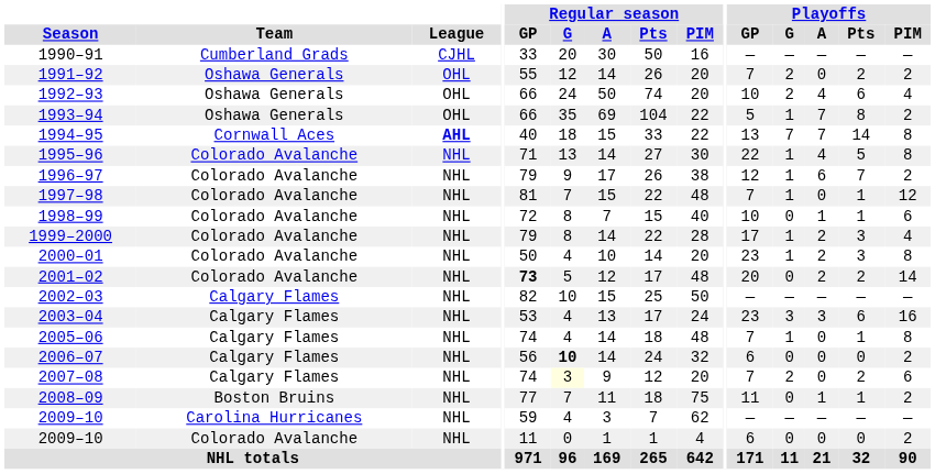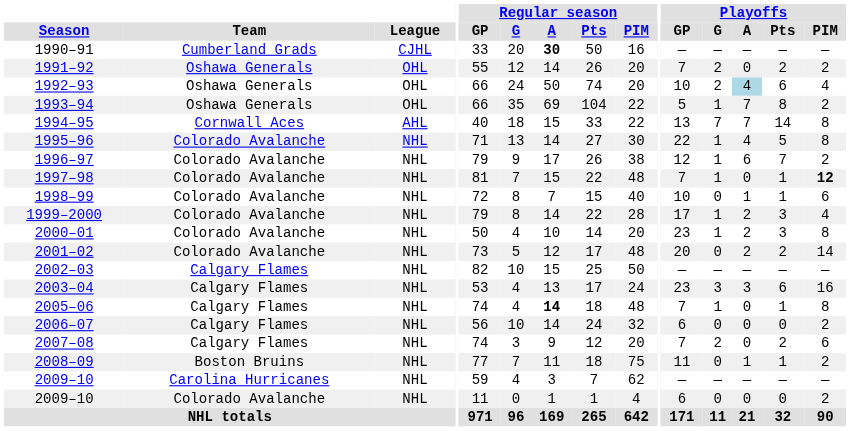 <table border="0" cellpadding="1" cellspacing="0" style="text-align:center; width:60em">
 <tr bgcolor="#e0e0e0">
 <th colspan="3" bgcolor="#ffffff"></th>
 <th rowspan="99" bgcolor="#ffffff"></th>
 <th colspan="5"><a href='#'>Regular season</a></th>
 <th rowspan="99" bgcolor="#ffffff"></th>
 <th colspan="5"><a href='#'>Playoffs</a></th>
 </tr>
 <tr bgcolor="#e0e0e0">
 <th><a href='#'>Season</a></th>
 <th>Team</th>
 <th>League</th>
 <th>GP</th>
 <th><a href='#'>G</a></th>
 <th><a href='#'>A</a></th>
 <th><a href='#'>Pts</a></th>
 <th><a href='#'>PIM</a></th>
 <th>GP</th>
 <th>G</th>
 <th>A</th>
 <th>Pts</th>
 <th>PIM</th>
 </tr>
 <tr>
 <td>1990–91</td>
 <td><a href='#'>Cumberland Grads</a></td>
 <td><a href='#'>CJHL</a></td>
 <td>33</td>
 <td>20</td>
-<td>30</td>
+<td><strong>30</strong></td>
 <td>50</td>
 <td>16</td>
 <td>—</td>
 <td>—</td>
 <td>—</td>
 <td>—</td>
 <td>—</td>
 </tr>
 <tr bgcolor="#f0f0f0">
 <td><a href='#'>1991–92</a></td>
 <td><a href='#'>Oshawa Generals</a></td>
 <td><a href='#'>OHL</a></td>
 <td>55</td>
 <td>12</td>
 <td>14</td>
 <td>26</td>
 <td>20</td>
 <td>7</td>
 <td>2</td>
 <td>0</td>
 <td>2</td>
 <td>2</td>
 </tr>
 <tr>
 <td><a href='#'>1992–93</a></td>
 <td>Oshawa Generals</td>
 <td>OHL</td>
 <td>66</td>
 <td>24</td>
 <td>50</td>
 <td>74</td>
 <td>20</td>
 <td>10</td>
 <td>2</td>
-<td>4</td>
+<td style="background: lightblue;">4</td>
 <td>6</td>
 <td>4</td>
 </tr>
 <tr bgcolor="#f0f0f0">
 <td><a href='#'>1993–94</a></td>
 <td>Oshawa Generals</td>
 <td>OHL</td>
 <td>66</td>
 <td>35</td>
 <td>69</td>
 <td>104</td>
 <td>22</td>
 <td>5</td>
 <td>1</td>
 <td>7</td>
 <td>8</td>
 <td>2</td>
 </tr>
 <tr>
 <td><a href='#'>1994–95</a></td>
 <td><a href='#'>Cornwall Aces</a></td>
-<td><strong><a href='#'>AHL</a></strong></td>
+<td><a href='#'>AHL</a></td>
 <td>40</td>
 <td>18</td>
 <td>15</td>
 <td>33</td>
 <td>22</td>
 <td>13</td>
 <td>7</td>
 <td>7</td>
 <td>14</td>
 <td>8</td>
 </tr>
 <tr bgcolor="#f0f0f0">
 <td><a href='#'>1995–96</a></td>
 <td><a href='#'>Colorado Avalanche</a></td>
 <td><a href='#'>NHL</a></td>
 <td>71</td>
 <td>13</td>
 <td>14</td>
 <td>27</td>
 <td>30</td>
 <td>22</td>
 <td>1</td>
 <td>4</td>
 <td>5</td>
 <td>8</td>
 </tr>
 <tr>
 <td><a href='#'>1996–97</a></td>
 <td>Colorado Avalanche</td>
 <td>NHL</td>
 <td>79</td>
 <td>9</td>
 <td>17</td>
 <td>26</td>
 <td>38</td>
 <td>12</td>
 <td>1</td>
 <td>6</td>
 <td>7</td>
 <td>2</td>
 </tr>
 <tr bgcolor="#f0f0f0">
 <td><a href='#'>1997–98</a></td>
 <td>Colorado Avalanche</td>
 <td>NHL</td>
 <td>81</td>
 <td>7</td>
 <td>15</td>
 <td>22</td>
 <td>48</td>
 <td>7</td>
 <td>1</td>
 <td>0</td>
 <td>1</td>
-<td>12</td>
+<td><strong>12</strong></td>
 </tr>
 <tr>
 <td><a href='#'>1998–99</a></td>
 <td>Colorado Avalanche</td>
 <td>NHL</td>
 <td>72</td>
 <td>8</td>
 <td>7</td>
 <td>15</td>
 <td>40</td>
 <td>10</td>
 <td>0</td>
 <td>1</td>
 <td>1</td>
 <td>6</td>
 </tr>
 <tr bgcolor="#f0f0f0">
 <td><a href='#'>1999–2000</a></td>
 <td>Colorado Avalanche</td>
 <td>NHL</td>
 <td>79</td>
 <td>8</td>
 <td>14</td>
 <td>22</td>
 <td>28</td>
 <td>17</td>
 <td>1</td>
 <td>2</td>
 <td>3</td>
 <td>4</td>
 </tr>
 <tr>
 <td><a href='#'>2000–01</a></td>
 <td>Colorado Avalanche</td>
 <td>NHL</td>
 <td>50</td>
 <td>4</td>
 <td>10</td>
 <td>14</td>
 <td>20</td>
 <td>23</td>
 <td>1</td>
 <td>2</td>
 <td>3</td>
 <td>8</td>
 </tr>
 <tr bgcolor="#f0f0f0">
 <td><a href='#'>2001–02</a></td>
 <td>Colorado Avalanche</td>
 <td>NHL</td>
-<td><strong>73</strong></td>
+<td>73</td>
 <td>5</td>
 <td>12</td>
 <td>17</td>
 <td>48</td>
 <td>20</td>
 <td>0</td>
 <td>2</td>
 <td>2</td>
 <td>14</td>
 </tr>
 <tr>
 <td><a href='#'>2002–03</a></td>
 <td><a href='#'>Calgary Flames</a></td>
 <td>NHL</td>
 <td>82</td>
 <td>10</td>
 <td>15</td>
 <td>25</td>
 <td>50</td>
 <td>—</td>
 <td>—</td>
 <td>—</td>
 <td>—</td>
 <td>—</td>
 </tr>
 <tr bgcolor="#f0f0f0">
 <td><a href='#'>2003–04</a></td>
 <td>Calgary Flames</td>
 <td>NHL</td>
 <td>53</td>
 <td>4</td>
 <td>13</td>
 <td>17</td>
 <td>24</td>
 <td>23</td>
 <td>3</td>
 <td>3</td>
 <td>6</td>
 <td>16</td>
 </tr>
 <tr>
 <td><a href='#'>2005–06</a></td>
 <td>Calgary Flames</td>
 <td>NHL</td>
 <td>74</td>
 <td>4</td>
-<td>14</td>
+<td><strong>14</strong></td>
 <td>18</td>
 <td>48</td>
 <td>7</td>
 <td>1</td>
 <td>0</td>
 <td>1</td>
 <td>8</td>
 </tr>
 <tr bgcolor="#f0f0f0">
 <td><a href='#'>2006–07</a></td>
 <td>Calgary Flames</td>
 <td>NHL</td>
 <td>56</td>
-<td><strong>10</strong></td>
+<td>10</td>
 <td>14</td>
 <td>24</td>
 <td>32</td>
 <td>6</td>
 <td>0</td>
 <td>0</td>
 <td>0</td>
 <td>2</td>
 </tr>
 <tr>
 <td><a href='#'>2007–08</a></td>
 <td>Calgary Flames</td>
 <td>NHL</td>
 <td>74</td>
-<td style="background: lightyellow;">3</td>
+<td>3</td>
 <td>9</td>
 <td>12</td>
 <td>20</td>
 <td>7</td>
 <td>2</td>
 <td>0</td>
 <td>2</td>
 <td>6</td>
 </tr>
 <tr bgcolor="#f0f0f0">
 <td><a href='#'>2008–09</a></td>
 <td>Boston Bruins</td>
 <td>NHL</td>
 <td>77</td>
 <td>7</td>
 <td>11</td>
 <td>18</td>
 <td>75</td>
 <td>11</td>
 <td>0</td>
 <td>1</td>
 <td>1</td>
 <td>2</td>
 </tr>
 <tr>
 <td><a href='#'>2009–10</a></td>
 <td><a href='#'>Carolina Hurricanes</a></td>
 <td>NHL</td>
 <td>59</td>
 <td>4</td>
 <td>3</td>
 <td>7</td>
 <td>62</td>
 <td>—</td>
 <td>—</td>
 <td>—</td>
 <td>—</td>
 <td>—</td>
 </tr>
 <tr bgcolor="#f0f0f0">
 <td>2009–10</td>
 <td>Colorado Avalanche</td>
 <td>NHL</td>
 <td>11</td>
 <td>0</td>
 <td>1</td>
 <td>1</td>
 <td>4</td>
 <td>6</td>
 <td>0</td>
 <td>0</td>
 <td>0</td>
 <td>2</td>
 </tr>
 <tr bgcolor="#e0e0e0">
 <th colspan="3">NHL totals</th>
 <th>971</th>
 <th>96</th>
 <th>169</th>
 <th>265</th>
 <th>642</th>
 <th>171</th>
 <th>11</th>
 <th>21</th>
 <th>32</th>
 <th>90</th>
 </tr>
 </table>
